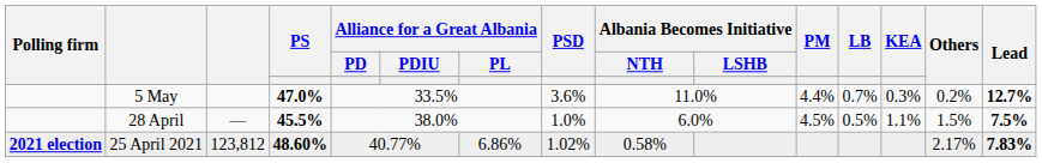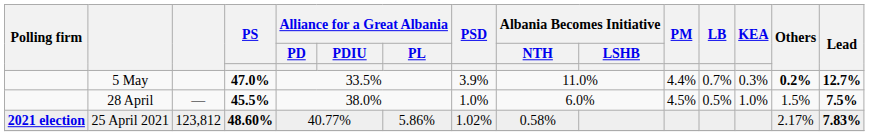 <table class="wikitable sortable tpl-blanktablele" style="text-align:center;font-size:90%;line-height:14px;">
 <tr style="height:40px;">
 <th rowspan="3">Polling firm</th>
 <th rowspan="3"></th>
 <th rowspan="3"></th>
 <th class="unsortable" style="width:40px;" rowspan=2><a href='#'>PS</a></th>
 <th colspan=3><a href='#'>Alliance for a Great Albania</a></th>
 <th class="unsortable" style="width:40px;" rowspan=2><a href='#'>PSD</a></th>
 <th colspan=2>Albania Becomes Initiative</th>
 <th rowspan="2" class="unsortable" style="width:30px;"><a href='#'>PM</a></th>
 <th rowspan="2" class="unsortable" style="width:30px;"><a href='#'>LB</a></th>
 <th class="unsortable" style="width:30px;"  rowspan=2><a href='#'>KEA</a></th>
 <th class="unsortable" style="width:30px;"  rowspan=3>Others</th>
 <th style="width:30px;" rowspan=3><br>Lead</th>
 </tr>
 <tr>
 <th><a href='#'>PD</a></th>
 <th><a href='#'>PDIU</a></th>
 <th><a href='#'>PL</a></th>
 <th><a href='#'>NTH</a></th>
 <th><a href='#'>LSHB</a></th>
 </tr>
 <tr>
 <th style="background:"></th>
 <th style="background:"></th>
 <th style="background:"></th>
 <th style="background:"></th>
 <th style="background:"></th>
 <th style="background:"></th>
 <th style="background:"></th>
 <th style="background:"></th>
 <th style="background:"></th>
 <th style="background:"></th>
 </tr>
 <tr>
 <td></td>
 <td>5 May</td>
 <td></td>
 <td><strong>47.0%</strong><br> </td>
 <td colspan="3">33.5%<br> </td>
-<td>3.6%<br> </td>
+<td>3.9%<br> </td>
 <td colspan="2">11.0%<br> </td>
 <td>4.4%<br> </td>
 <td>0.7%<br> </td>
 <td>0.3%<br> </td>
-<td>0.2%</td>
+<td><strong>0.2%</strong></td>
 <td style="background:"><strong>12.7%</strong></td>
 </tr>
 <tr>
 <td></td>
 <td>28 April</td>
 <td>—</td>
 <td><strong>45.5%</strong><br> </td>
 <td colspan="3">38.0%<br> </td>
 <td>1.0%<br> </td>
 <td colspan="2">6.0%<br> </td>
 <td>4.5%<br> </td>
 <td>0.5%<br> </td>
-<td>1.1%<br> </td>
+<td>1.0%<br> </td>
 <td>1.5%</td>
 <td style="background:"><strong>7.5%</strong></td>
 </tr>
 <tr style="background:#EFEFEF">
 <td><strong><a href='#'>2021 election</a></strong></td>
 <td>25 April 2021</td>
 <td>123,812</td>
 <td><strong>48.60%</strong> <br> </td>
 <td colspan="2">40.77%<br> </td>
-<td>6.86%<br> </td>
+<td>5.86%<br> </td>
 <td>1.02%<br> </td>
 <td>0.58%<br> </td>
 <td></td>
 <td></td>
 <td></td>
 <td></td>
 <td>2.17%</td>
 <td style="background:"><strong>7.83%</strong></td>
 </tr>
 <tr>
 </tr>
 </table>
